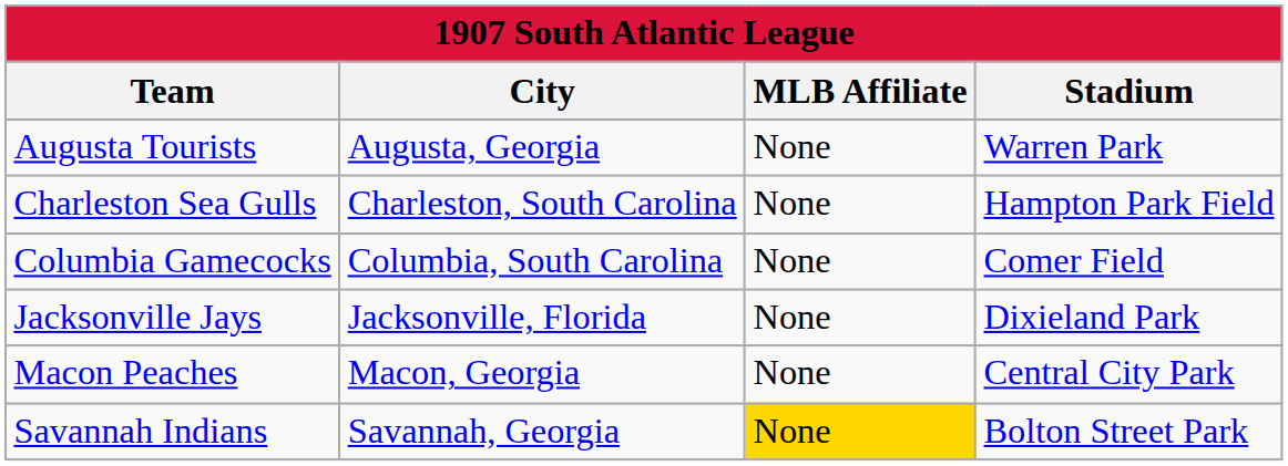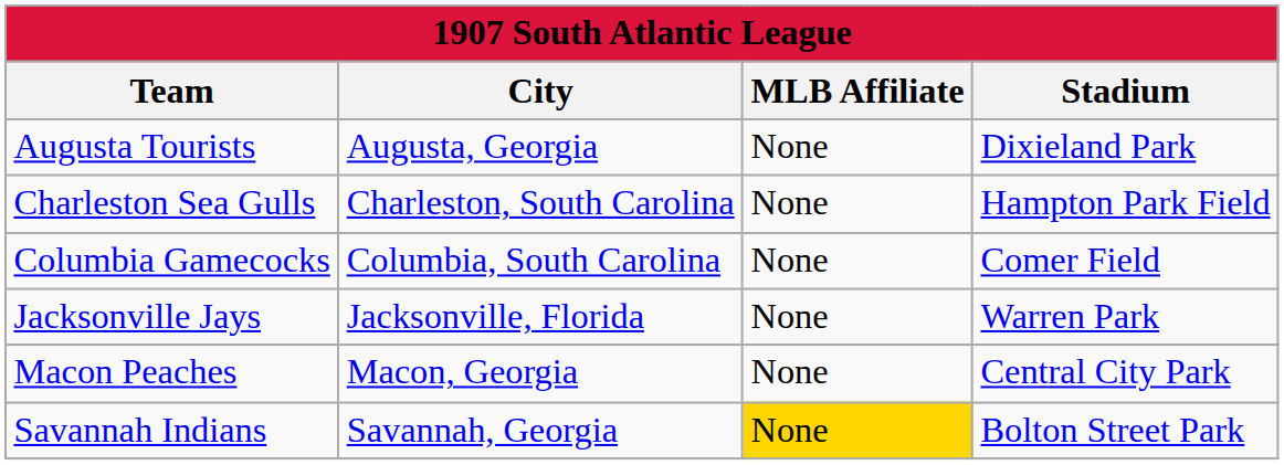 <table class="wikitable" style="width:auto">
 <tr>
 <td bgcolor="#DC143C" align="center" colspan="7"><strong><span>1907 South Atlantic League</span></strong></td>
 </tr>
 <tr>
 <th>Team</th>
 <th>City</th>
 <th>MLB Affiliate</th>
 <th>Stadium</th>
 </tr>
 <tr>
 <td><a href='#'>Augusta Tourists</a></td>
 <td><a href='#'>Augusta, Georgia</a></td>
 <td>None</td>
-<td><a href='#'>Warren Park</a></td>
+<td><a href='#'>Dixieland Park</a></td>
 </tr>
 <tr>
 <td><a href='#'>Charleston Sea Gulls</a></td>
 <td><a href='#'>Charleston, South Carolina</a></td>
 <td>None</td>
 <td><a href='#'>Hampton Park Field</a></td>
 </tr>
 <tr>
 <td><a href='#'>Columbia Gamecocks</a></td>
 <td><a href='#'>Columbia, South Carolina</a></td>
 <td>None</td>
 <td><a href='#'>Comer Field</a></td>
 </tr>
 <tr>
 <td><a href='#'>Jacksonville Jays</a></td>
 <td><a href='#'>Jacksonville, Florida</a></td>
 <td>None</td>
-<td><a href='#'>Dixieland Park</a></td>
+<td><a href='#'>Warren Park</a></td>
 </tr>
 <tr>
 <td><a href='#'>Macon Peaches</a></td>
 <td><a href='#'>Macon, Georgia</a></td>
 <td>None</td>
 <td><a href='#'>Central City Park</a></td>
 </tr>
 <tr>
 <td><a href='#'>Savannah Indians</a></td>
 <td><a href='#'>Savannah, Georgia</a></td>
 <td style="background: gold;">None</td>
 <td><a href='#'>Bolton Street Park</a></td>
 </tr>
 </table>
